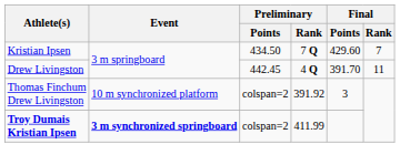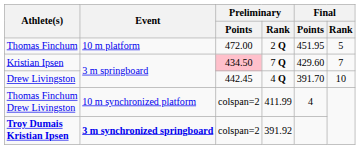 <table class=wikitable style="font-size:90%">
 <tr>
 <th rowspan="2">Athlete(s)</th>
 <th rowspan="2">Event</th>
 <th colspan="2">Preliminary</th>
 <th colspan="2">Final</th>
 </tr>
 <tr>
 <th>Points</th>
 <th>Rank</th>
 <th>Points</th>
 <th>Rank</th>
 </tr>
 <tr align=center>
+<td align=left><a href='#'>Thomas Finchum</a></td>
+<td align=left><a href='#'>10 m platform</a></td>
+<td>472.00</td>
+<td>2 <strong>Q</strong></td>
+<td>451.95</td>
+<td>5</td>
+</tr>
+<tr align=center>
 <td align=left><a href='#'>Kristian Ipsen</a></td>
 <td align=left rowspan=2><a href='#'>3 m springboard</a></td>
-<td>434.50</td>
+<td style="background: pink;">434.50</td>
 <td>7 <strong>Q</strong></td>
 <td>429.60</td>
 <td>7</td>
 </tr>
 <tr align=center>
 <td align=left><a href='#'>Drew Livingston</a></td>
 <td>442.45</td>
 <td>4 <strong>Q</strong></td>
 <td>391.70</td>
-<td>11</td>
+<td>10</td>
 </tr>
 <tr align=center>
 <td align=left><a href='#'>Thomas Finchum</a><br><a href='#'>Drew Livingston</a></td>
 <td align=left><a href='#'>10 m synchronized platform</a></td>
 <td>colspan=2 </td>
-<td>391.92</td>
-<td>3</td>
+<td>411.99</td>
+<td>4</td>
 </tr>
 <tr align=center>
 <td align=left><strong><a href='#'>Troy Dumais</a><br><a href='#'>Kristian Ipsen</a></strong></td>
 <td align=left><strong><a href='#'>3 m synchronized springboard</a></strong></td>
 <td>colspan=2 </td>
-<td>411.99</td>
+<td>391.92</td>
 <td></td>
 </tr>
 </table>
